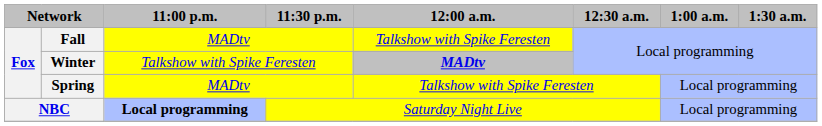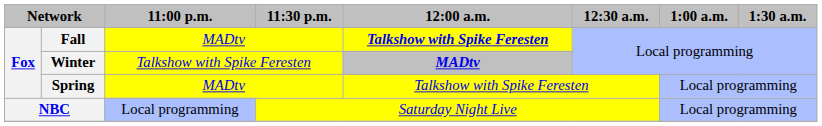 <table class="wikitable" style="width:100%;margin-right:0;text-align:center">
 <tr>
 <th style="background-color:#C0C0C0;text-align:center" colspan="2">Network</th>
 <th style="background-color:#C0C0C0;text-align:center">11:00 p.m.</th>
 <th style="background-color:#C0C0C0;text-align:center">11:30 p.m.</th>
 <th style="background-color:#C0C0C0;text-align:center">12:00 a.m.</th>
 <th style="background-color:#C0C0C0;text-align:center">12:30 a.m.</th>
 <th style="background-color:#C0C0C0;text-align:center">1:00 a.m.</th>
 <th style="background-color:#C0C0C0;text-align:center">1:30 a.m.</th>
 </tr>
 <tr>
 <th rowspan="3"><a href='#'>Fox</a></th>
 <th>Fall</th>
 <td colspan="2" style="background:yellow"><em><a href='#'>MADtv</a></em></td>
-<td style="background:yellow"><em><a href='#'>Talkshow with Spike Feresten</a></em></td>
+<td style="background:yellow"><strong><em><a href='#'>Talkshow with Spike Feresten</a></em></strong></td>
 <td colspan="11" rowspan="2" style="background:#abbfff;">Local programming</td>
 </tr>
 <tr>
 <th>Winter</th>
 <td colspan="2" style="background:yellow"><em><a href='#'>Talkshow with Spike Feresten</a></em></td>
 <td style="background:#C0C0C0;"><strong><em><a href='#'>MADtv</a></em> </strong></td>
 </tr>
 <tr>
 <th>Spring</th>
 <td colspan="2" style="background:yellow"><em><a href='#'>MADtv</a></em></td>
 <td colspan="2" style="background:yellow"><em><a href='#'>Talkshow with Spike Feresten</a></em></td>
 <td colspan="10" style="background:#abbfff;">Local programming</td>
 </tr>
 <tr>
 <th colspan="2"><a href='#'>NBC</a></th>
-<td style="background:#abbfff;"><strong>Local programming</strong></td>
+<td style="background:#abbfff;">Local programming</td>
 <td colspan="3" style="background:yellow"><em><a href='#'>Saturday Night Live</a></em></td>
 <td colspan="10" style="background:#abbfff;">Local programming </td>
 </tr>
 <tr>
 </tr>
 </table>
